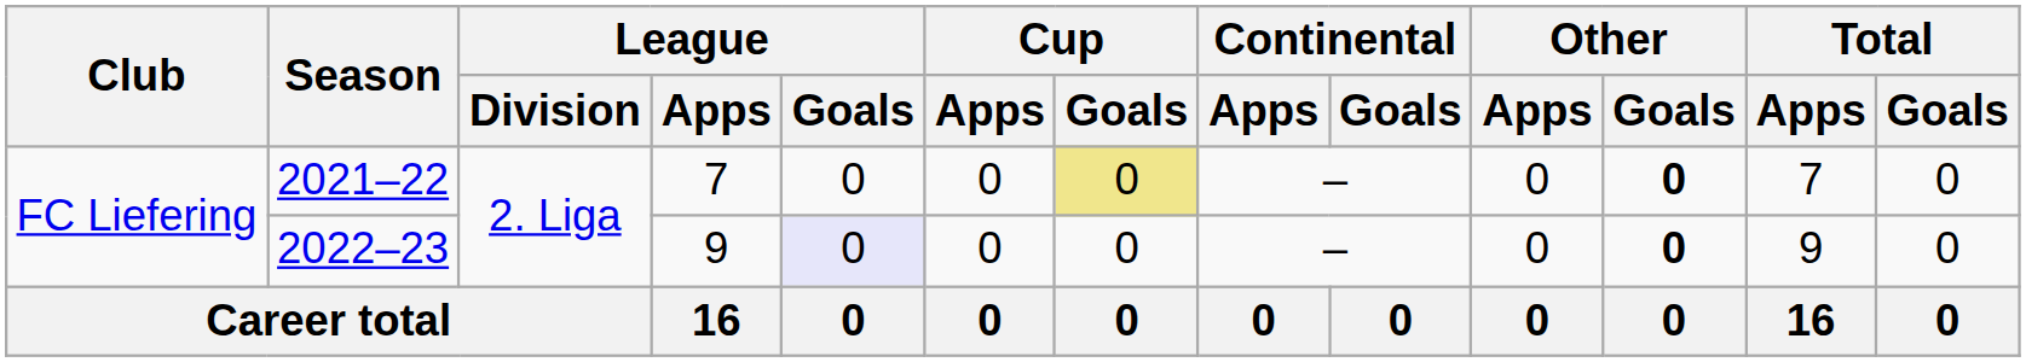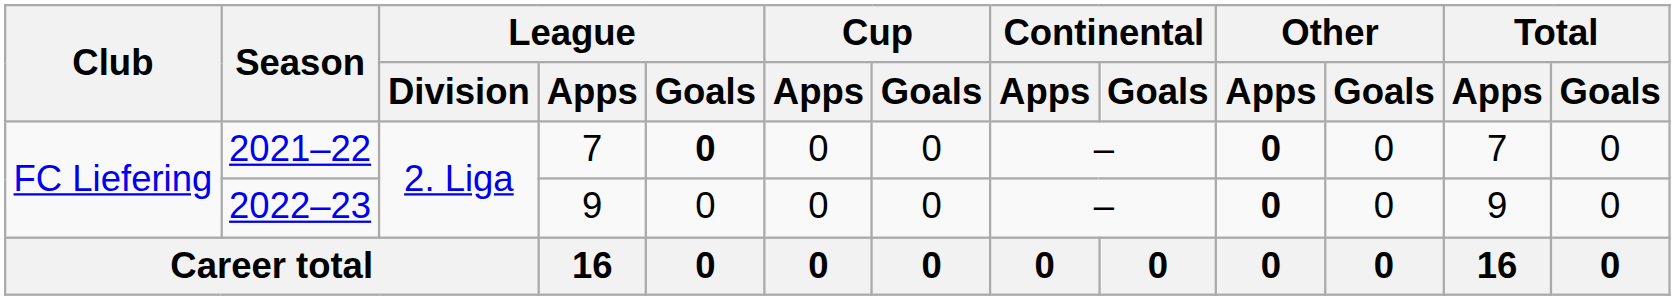 <table class="wikitable" style="text-align: center">
 <tr>
 <th rowspan="2">Club</th>
 <th rowspan="2">Season</th>
 <th colspan="3">League</th>
 <th colspan="2">Cup</th>
 <th colspan="2">Continental</th>
 <th colspan="2">Other</th>
 <th colspan="2">Total</th>
 </tr>
 <tr>
 <th>Division</th>
 <th>Apps</th>
 <th>Goals</th>
 <th>Apps</th>
 <th>Goals</th>
 <th>Apps</th>
 <th>Goals</th>
 <th>Apps</th>
 <th>Goals</th>
 <th>Apps</th>
 <th>Goals</th>
 </tr>
 <tr>
 <td rowspan="2"><a href='#'>FC Liefering</a></td>
 <td><a href='#'>2021–22</a></td>
 <td rowspan="2"><a href='#'>2. Liga</a></td>
 <td>7</td>
+<td><strong>0</strong></td>
 <td>0</td>
 <td>0</td>
-<td style="background: khaki;">0</td>
 <td colspan="2">–</td>
+<td><strong>0</strong></td>
 <td>0</td>
-<td><strong>0</strong></td>
 <td>7</td>
 <td>0</td>
 </tr>
 <tr>
 <td><a href='#'>2022–23</a></td>
 <td>9</td>
-<td style="background: lavender;">0</td>
+<td>0</td>
 <td>0</td>
 <td>0</td>
 <td colspan="2">–</td>
+<td><strong>0</strong></td>
 <td>0</td>
-<td><strong>0</strong></td>
 <td>9</td>
 <td>0</td>
 </tr>
 <tr>
 <th colspan="3"><strong>Career total</strong></th>
 <th>16</th>
 <th>0</th>
 <th>0</th>
 <th>0</th>
 <th>0</th>
 <th>0</th>
 <th>0</th>
 <th>0</th>
 <th>16</th>
 <th>0</th>
 </tr>
 </table>
